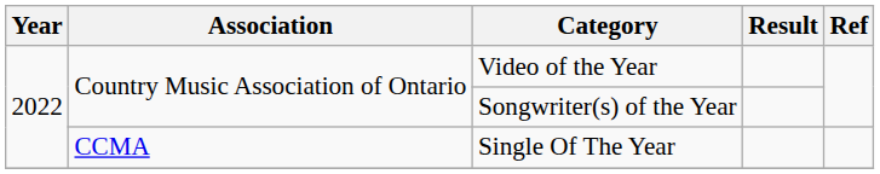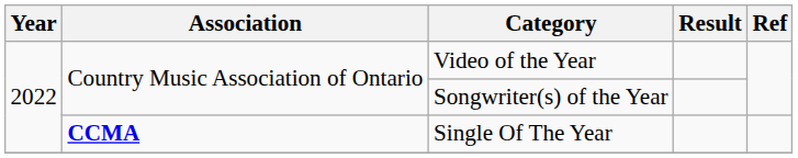 <table class="wikitable">
 <tr>
 <th>Year</th>
 <th>Association</th>
 <th>Category</th>
 <th>Result</th>
 <th>Ref</th>
 </tr>
 <tr>
 <td rowspan="3">2022</td>
 <td rowspan="2">Country Music Association of Ontario</td>
 <td>Video of the Year</td>
 <td></td>
 <td rowspan="2"></td>
 </tr>
 <tr>
 <td>Songwriter(s) of the Year</td>
 <td></td>
 </tr>
 <tr>
-<td><a href='#'>CCMA</a></td>
+<td><strong><a href='#'>CCMA</a></strong></td>
 <td>Single Of The Year</td>
 <td></td>
 <td></td>
 </tr>
 <tr>
 </tr>
 </table>
